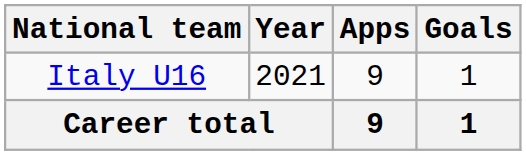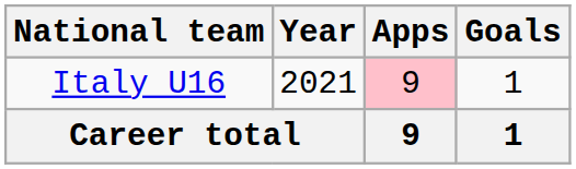 <table class="wikitable" style="text-align:center">
 <tr>
 <th>National team</th>
 <th>Year</th>
 <th>Apps</th>
 <th>Goals</th>
 </tr>
 <tr>
 <td><a href='#'>Italy U16</a></td>
 <td>2021</td>
-<td>9</td>
+<td style="background: pink;">9</td>
 <td>1</td>
 </tr>
 <tr>
 <th colspan="2">Career total</th>
 <th>9</th>
 <th>1</th>
 </tr>
 </table>
